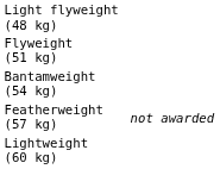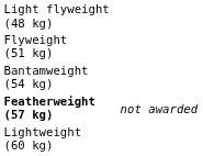 <table>
 <tr>
 <td rowspan=2>Light flyweight<br>(48 kg)</td>
 <td rowspan=2></td>
 <td rowspan=2></td>
 <td></td>
 </tr>
 <tr>
 <td></td>
 </tr>
 <tr>
 <td rowspan=2>Flyweight<br>(51 kg)</td>
 <td rowspan=2></td>
 <td rowspan=2></td>
 <td></td>
 </tr>
 <tr>
 <td></td>
 </tr>
 <tr>
 <td rowspan=2>Bantamweight<br>(54 kg)</td>
 <td rowspan=2></td>
 <td rowspan=2></td>
 <td></td>
 </tr>
 <tr>
 <td></td>
 </tr>
 <tr>
-<td>Featherweight<br>(57 kg)</td>
+<td><strong>Featherweight<br>(57 kg)</strong></td>
 <td></td>
 <td></td>
 <td><em>not awarded</em></td>
 </tr>
 <tr>
 <td rowspan=2>Lightweight<br>(60 kg)</td>
 <td rowspan=2></td>
 <td rowspan=2></td>
 <td></td>
 </tr>
 <tr>
 <td></td>
 </tr>
 </table>
